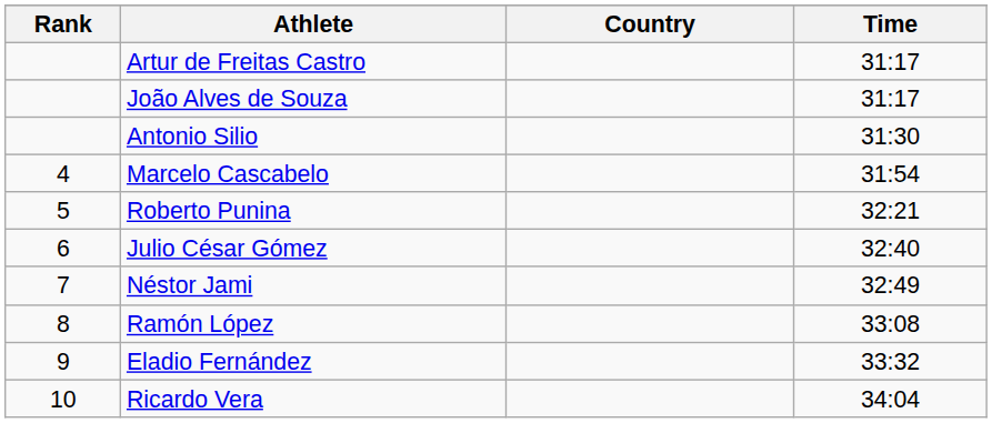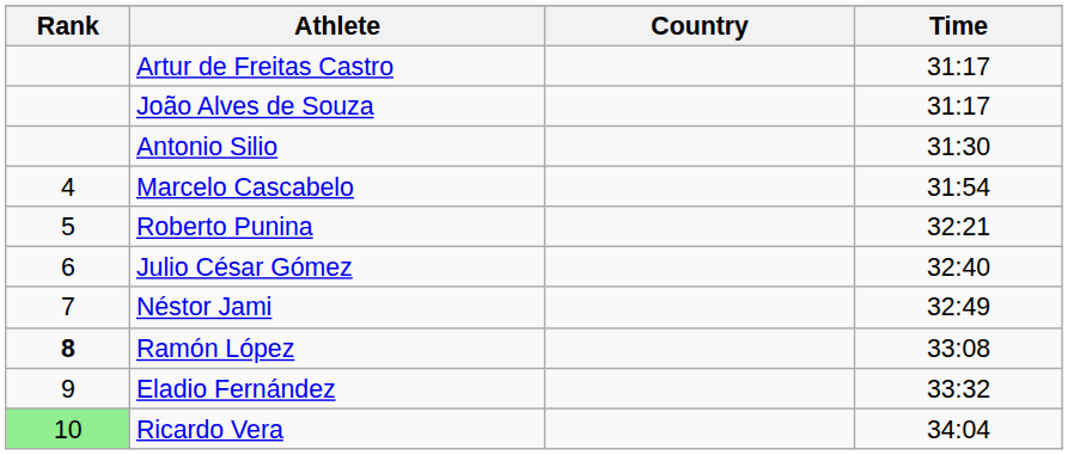 <table class="wikitable sortable" style=" text-align:center; font-size:95%;" width="50%">
 <tr>
 </tr>
 <tr>
 <th width=5%>Rank</th>
 <th width=20%>Athlete</th>
 <th width=15%>Country</th>
 <th width=10%>Time</th>
 </tr>
 <tr>
 <td align=center></td>
 <td align=left><a href='#'>Artur de Freitas Castro</a></td>
 <td align=left></td>
 <td>31:17</td>
 </tr>
 <tr>
 <td align=center></td>
 <td align=left><a href='#'>João Alves de Souza</a></td>
 <td align=left></td>
 <td>31:17</td>
 </tr>
 <tr>
 <td align=center></td>
 <td align=left><a href='#'>Antonio Silio</a></td>
 <td align=left></td>
 <td>31:30</td>
 </tr>
 <tr>
 <td align=center>4</td>
 <td align=left><a href='#'>Marcelo Cascabelo</a></td>
 <td align=left></td>
 <td>31:54</td>
 </tr>
 <tr>
 <td align=center>5</td>
 <td align=left><a href='#'>Roberto Punina</a></td>
 <td align=left></td>
 <td>32:21</td>
 </tr>
 <tr>
 <td align=center>6</td>
 <td align=left><a href='#'>Julio César Gómez</a></td>
 <td align=left></td>
 <td>32:40</td>
 </tr>
 <tr>
 <td align=center>7</td>
 <td align=left><a href='#'>Néstor Jami</a></td>
 <td align=left></td>
 <td>32:49</td>
 </tr>
 <tr>
-<td align=center>8</td>
+<td align=center><strong>8</strong></td>
 <td align=left><a href='#'>Ramón López</a></td>
 <td align=left></td>
 <td>33:08</td>
 </tr>
 <tr>
 <td align=center>9</td>
 <td align=left><a href='#'>Eladio Fernández</a></td>
 <td align=left></td>
 <td>33:32</td>
 </tr>
 <tr>
-<td align=center>10</td>
+<td align=center style="background: lightgreen;">10</td>
 <td align=left><a href='#'>Ricardo Vera</a></td>
 <td align=left></td>
 <td>34:04</td>
 </tr>
 </table>
